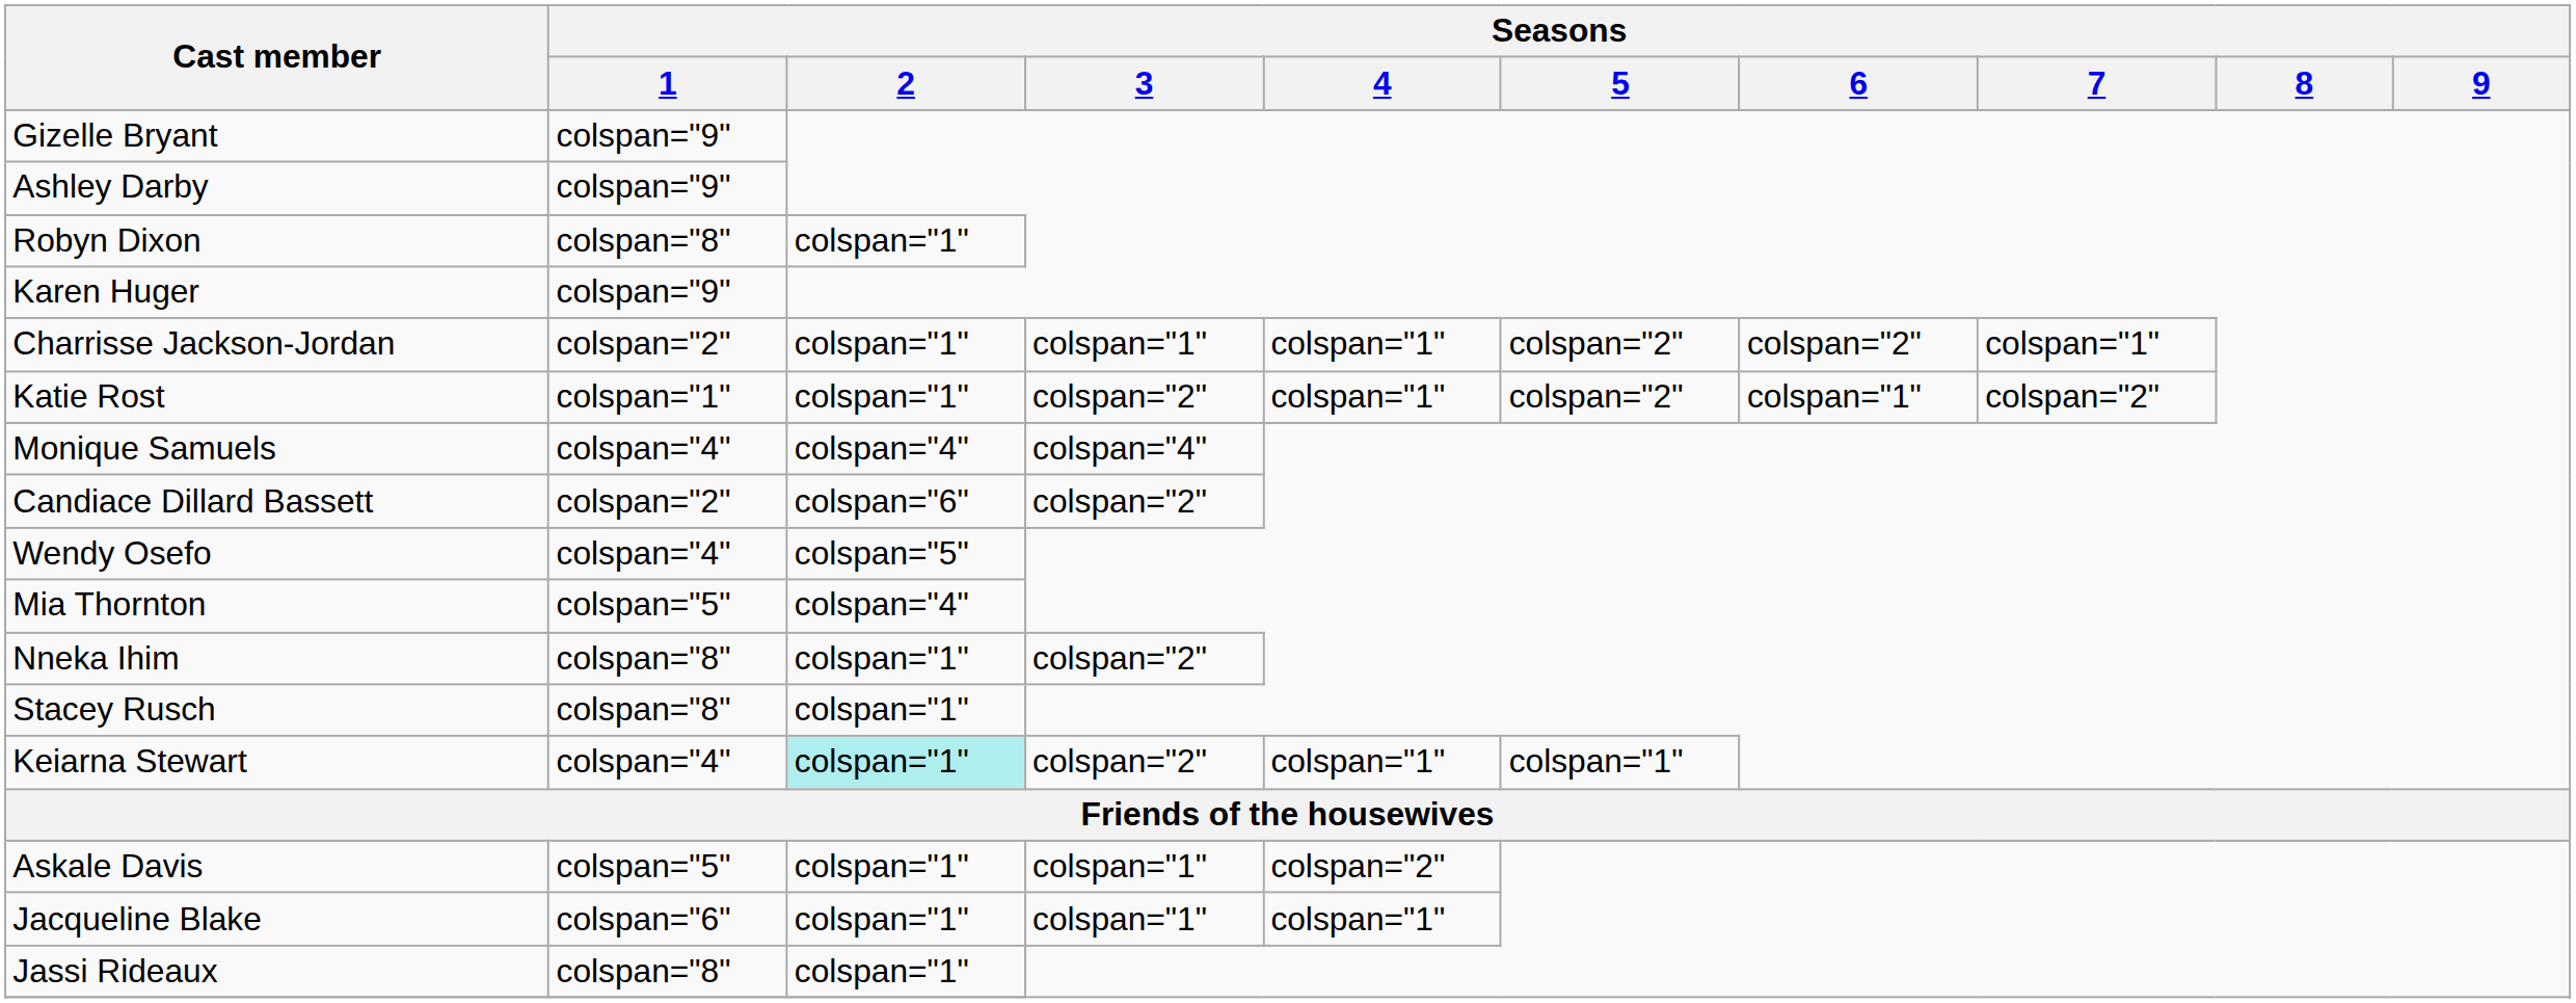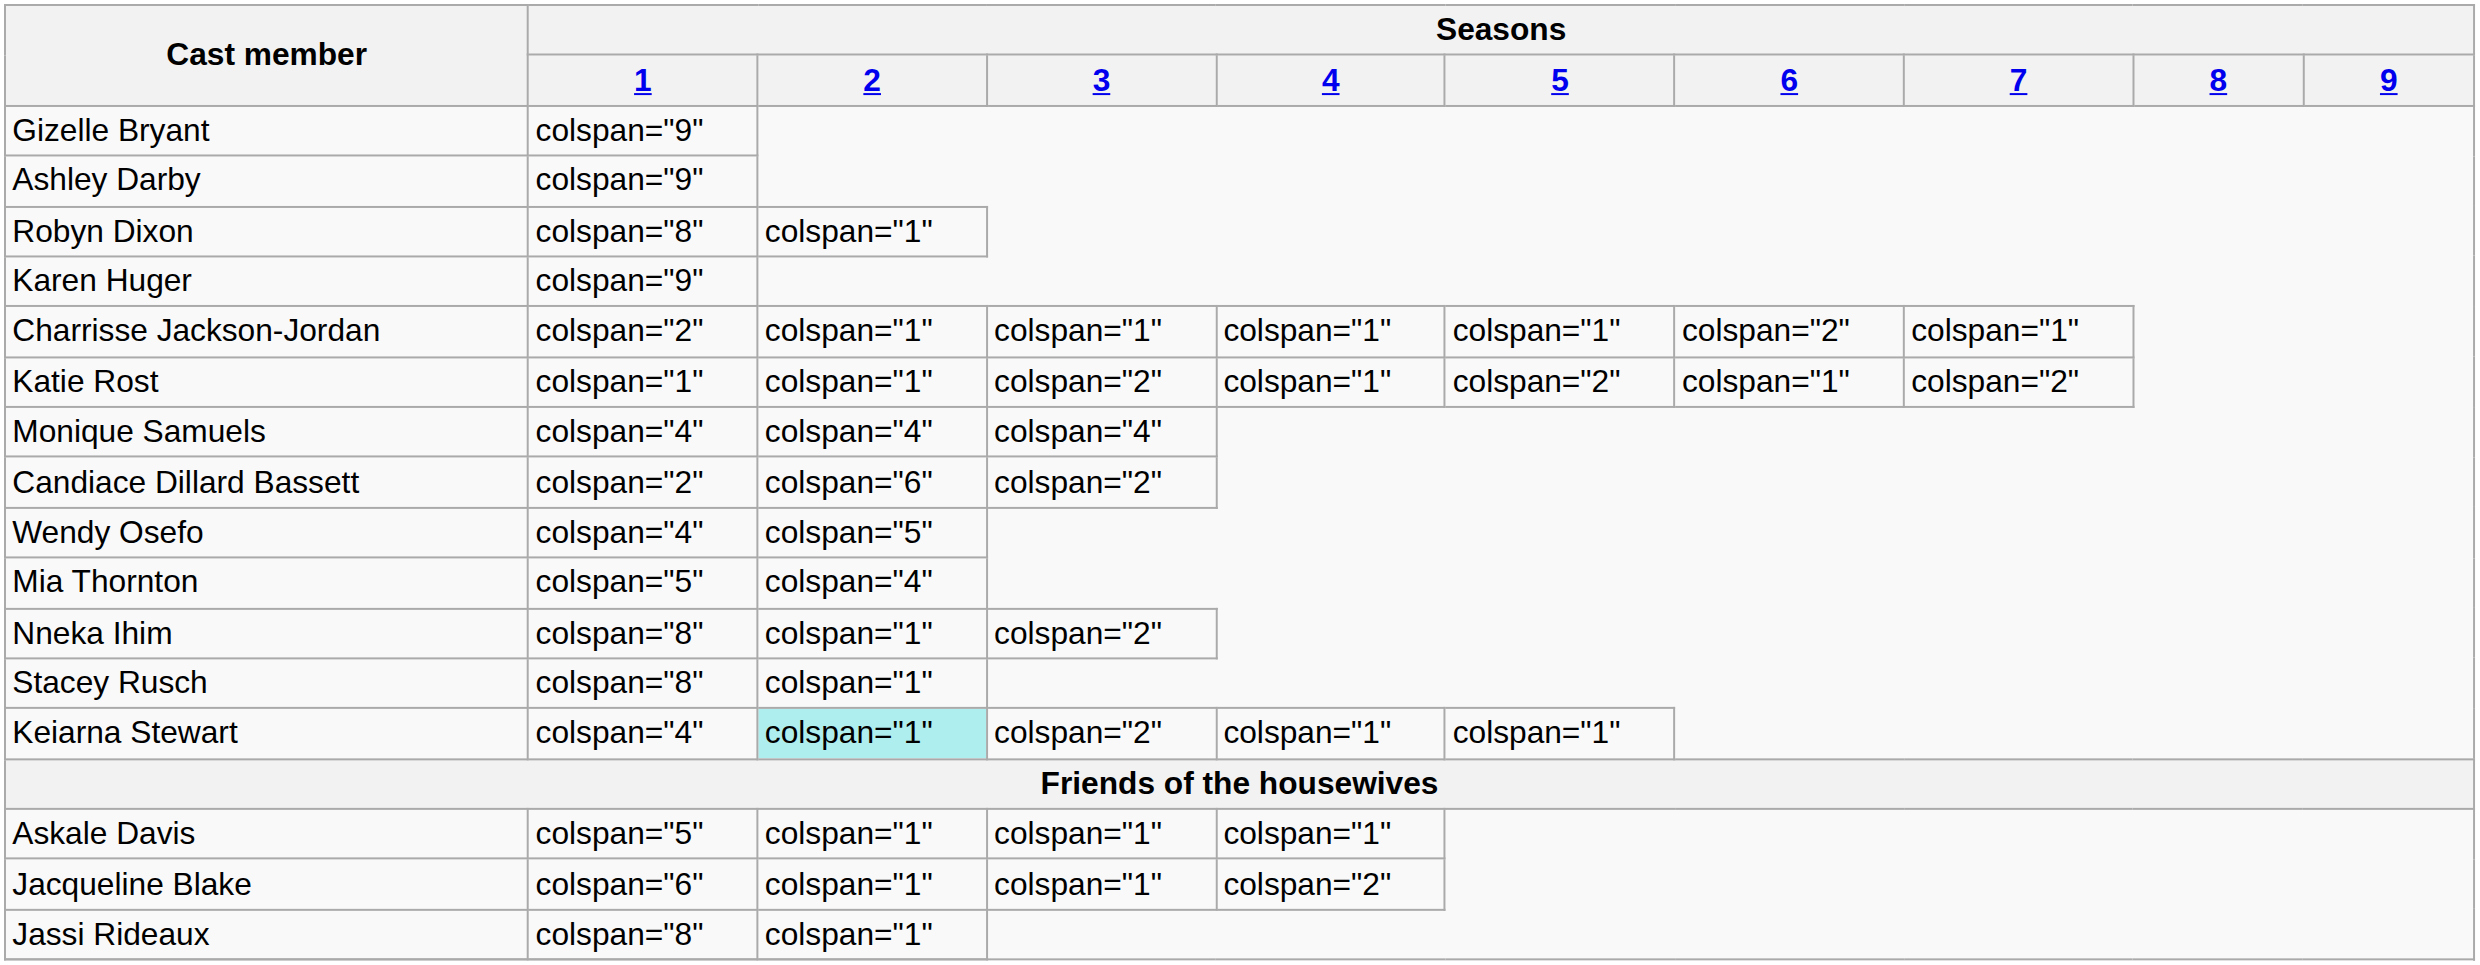 <table class="wikitable plainrowheaders">
 <tr>
 <th rowspan="2" style="width:15%;">Cast member</th>
 <th colspan="9">Seasons</th>
 </tr>
 <tr>
 <th style="width:5%;"><a href='#'>1</a></th>
 <th style="width:5%;"><a href='#'>2</a></th>
 <th style="width:5%;"><a href='#'>3</a></th>
 <th style="width:5%;"><a href='#'>4</a></th>
 <th style="width:5%;"><a href='#'>5</a></th>
 <th style="width:5%;"><a href='#'>6</a></th>
 <th style="width:5%;"><a href='#'>7</a></th>
 <th style="width:5%;"><a href='#'>8</a></th>
 <th style="width:5%;"><a href='#'>9</a></th>
 </tr>
 <tr>
 <td>Gizelle Bryant</td>
 <td>colspan="9" </td>
 </tr>
 <tr>
 <td>Ashley Darby</td>
 <td>colspan="9" </td>
 </tr>
 <tr>
 <td>Robyn Dixon</td>
 <td>colspan="8" </td>
 <td>colspan="1" </td>
 </tr>
 <tr>
 <td>Karen Huger</td>
 <td>colspan="9" </td>
 </tr>
 <tr>
 <td nowrap>Charrisse Jackson-Jordan</td>
 <td>colspan="2" </td>
 <td>colspan="1" </td>
 <td>colspan="1" </td>
 <td>colspan="1" </td>
-<td>colspan="2" </td>
+<td>colspan="1" </td>
 <td>colspan="2" </td>
 <td>colspan="1" </td>
 </tr>
 <tr>
 <td>Katie Rost</td>
 <td>colspan="1" </td>
 <td>colspan="1" </td>
 <td>colspan="2" </td>
 <td>colspan="1" </td>
 <td>colspan="2" </td>
 <td>colspan="1" </td>
 <td>colspan="2" </td>
 </tr>
 <tr>
 <td>Monique Samuels</td>
 <td>colspan="4" </td>
 <td>colspan="4" </td>
 <td>colspan="4" </td>
 </tr>
 <tr>
 <td nowrap>Candiace Dillard Bassett</td>
 <td>colspan="2" </td>
 <td>colspan="6" </td>
 <td>colspan="2" </td>
 </tr>
 <tr>
 <td>Wendy Osefo</td>
 <td>colspan="4" </td>
 <td>colspan="5" </td>
 </tr>
 <tr>
 <td>Mia Thornton</td>
 <td>colspan="5" </td>
 <td>colspan="4" </td>
 </tr>
 <tr>
 <td>Nneka Ihim</td>
 <td>colspan="8" </td>
 <td>colspan="1" </td>
 <td>colspan="2" </td>
 </tr>
 <tr>
 <td>Stacey Rusch</td>
 <td>colspan="8" </td>
 <td>colspan="1" </td>
 </tr>
 <tr>
 <td>Keiarna Stewart</td>
 <td>colspan="4" </td>
 <td style="background: paleturquoise;">colspan="1" </td>
 <td>colspan="2" </td>
 <td>colspan="1" </td>
 <td>colspan="1" </td>
 </tr>
 <tr>
 <th colspan="10">Friends of the housewives</th>
 </tr>
 <tr>
 <td>Askale Davis</td>
 <td>colspan="5" </td>
 <td>colspan="1" </td>
 <td>colspan="1" </td>
-<td>colspan="2" </td>
+<td>colspan="1" </td>
 </tr>
 <tr>
 <td>Jacqueline Blake</td>
 <td>colspan="6" </td>
 <td>colspan="1" </td>
 <td>colspan="1" </td>
-<td>colspan="1" </td>
+<td>colspan="2" </td>
 </tr>
 <tr>
 <td>Jassi Rideaux</td>
 <td>colspan="8" </td>
 <td>colspan="1" </td>
 </tr>
 <tr>
 </tr>
 </table>
